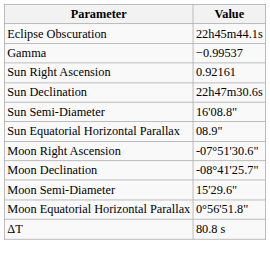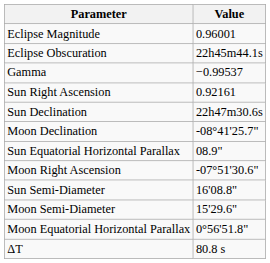 <table class="wikitable">
 <tr>
 <th>Parameter</th>
 <th>Value</th>
+</tr>
+<tr>
+<td>Eclipse Magnitude</td>
+<td>0.96001</td>
 </tr>
 <tr>
 <td>Eclipse Obscuration</td>
 <td>22h45m44.1s</td>
 </tr>
 <tr>
 <td>Gamma</td>
 <td>−0.99537</td>
 </tr>
 <tr>
 <td>Sun Right Ascension</td>
 <td>0.92161</td>
 </tr>
 <tr>
 <td>Sun Declination</td>
 <td>22h47m30.6s</td>
 </tr>
 <tr>
-<td>Sun Semi-Diameter</td>
-<td>16'08.8"</td>
+<td>Moon Declination</td>
+<td>-08°41'25.7"</td>
 </tr>
 <tr>
 <td>Sun Equatorial Horizontal Parallax</td>
 <td>08.9"</td>
 </tr>
 <tr>
 <td>Moon Right Ascension</td>
 <td>-07°51'30.6"</td>
 </tr>
 <tr>
-<td>Moon Declination</td>
-<td>-08°41'25.7"</td>
+<td>Sun Semi-Diameter</td>
+<td>16'08.8"</td>
 </tr>
 <tr>
 <td>Moon Semi-Diameter</td>
 <td>15'29.6"</td>
 </tr>
 <tr>
 <td>Moon Equatorial Horizontal Parallax</td>
 <td>0°56'51.8"</td>
 </tr>
 <tr>
 <td>ΔT</td>
 <td>80.8 s</td>
 </tr>
 </table>
